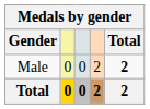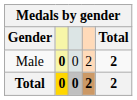 <table class=wikitable style=font-size:85%;text-align:center>
 <tr>
 <th colspan=5>Medals by gender</th>
 </tr>
 <tr>
 <th>Gender</th>
 <td bgcolor=F7F6A8></td>
 <td bgcolor=DCE5E5></td>
 <td bgcolor=FFDAB9></td>
 <th>Total</th>
 </tr>
 <tr>
 <td>Male</td>
-<td bgcolor=F7F6A8>0</td>
+<td bgcolor=F7F6A8><strong>0</strong></td>
 <td bgcolor=DCE5E5>0</td>
 <td bgcolor=FFDAB9>2</td>
 <td><strong>2</strong></td>
 </tr>
 <tr>
 <th>Total</th>
 <th style=background:gold>0</th>
 <th style=background:silver>0</th>
 <th style=background:#c96>2</th>
 <th>2</th>
 </tr>
 </table>
